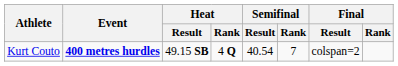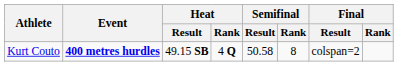 <table class="wikitable" style="font-size:90%">
 <tr>
 <th rowspan="2">Athlete</th>
 <th rowspan="2">Event</th>
 <th colspan="2">Heat</th>
 <th colspan="2">Semifinal</th>
 <th colspan="2">Final</th>
 </tr>
 <tr style="font-size:95%">
 <th>Result</th>
 <th>Rank</th>
 <th>Result</th>
 <th>Rank</th>
 <th>Result</th>
 <th>Rank</th>
 </tr>
 <tr style=text-align:center>
 <td style=text-align:left><a href='#'>Kurt Couto</a></td>
 <td style=text-align:left><strong><a href='#'>400 metres hurdles</a></strong></td>
 <td>49.15 <strong>SB</strong></td>
 <td>4 <strong>Q</strong></td>
-<td>40.54</td>
-<td>7</td>
+<td>50.58</td>
+<td>8</td>
 <td>colspan=2 </td>
 </tr>
 </table>
